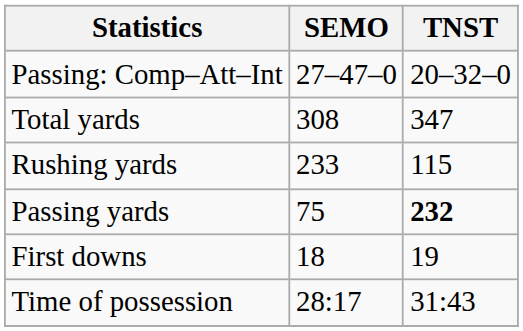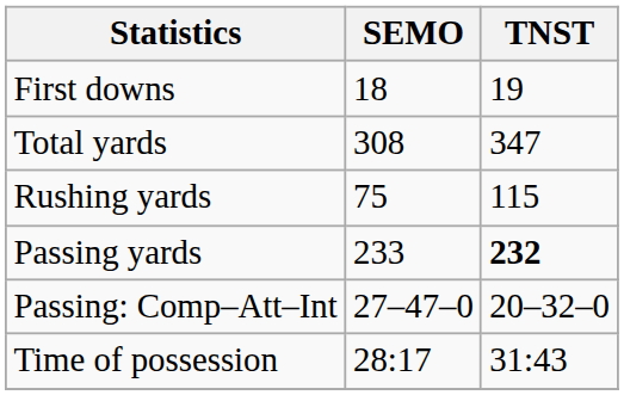 <table class="wikitable" style="float: left;">
 <tr>
 <th>Statistics</th>
 <th>SEMO</th>
 <th>TNST</th>
 </tr>
 <tr>
-<td>Passing: Comp–Att–Int</td>
-<td>27–47–0</td>
-<td>20–32–0</td>
+<td>First downs</td>
+<td>18</td>
+<td>19</td>
 </tr>
 <tr>
 <td>Total yards</td>
 <td>308</td>
 <td>347</td>
 </tr>
 <tr>
 <td>Rushing yards</td>
-<td>233</td>
+<td>75</td>
 <td>115</td>
 </tr>
 <tr>
 <td>Passing yards</td>
-<td>75</td>
+<td>233</td>
 <td><strong>232</strong></td>
 </tr>
 <tr>
-<td>First downs</td>
-<td>18</td>
-<td>19</td>
+<td>Passing: Comp–Att–Int</td>
+<td>27–47–0</td>
+<td>20–32–0</td>
 </tr>
 <tr>
 <td>Time of possession</td>
 <td>28:17</td>
 <td>31:43</td>
 </tr>
 <tr>
 </tr>
 </table>
